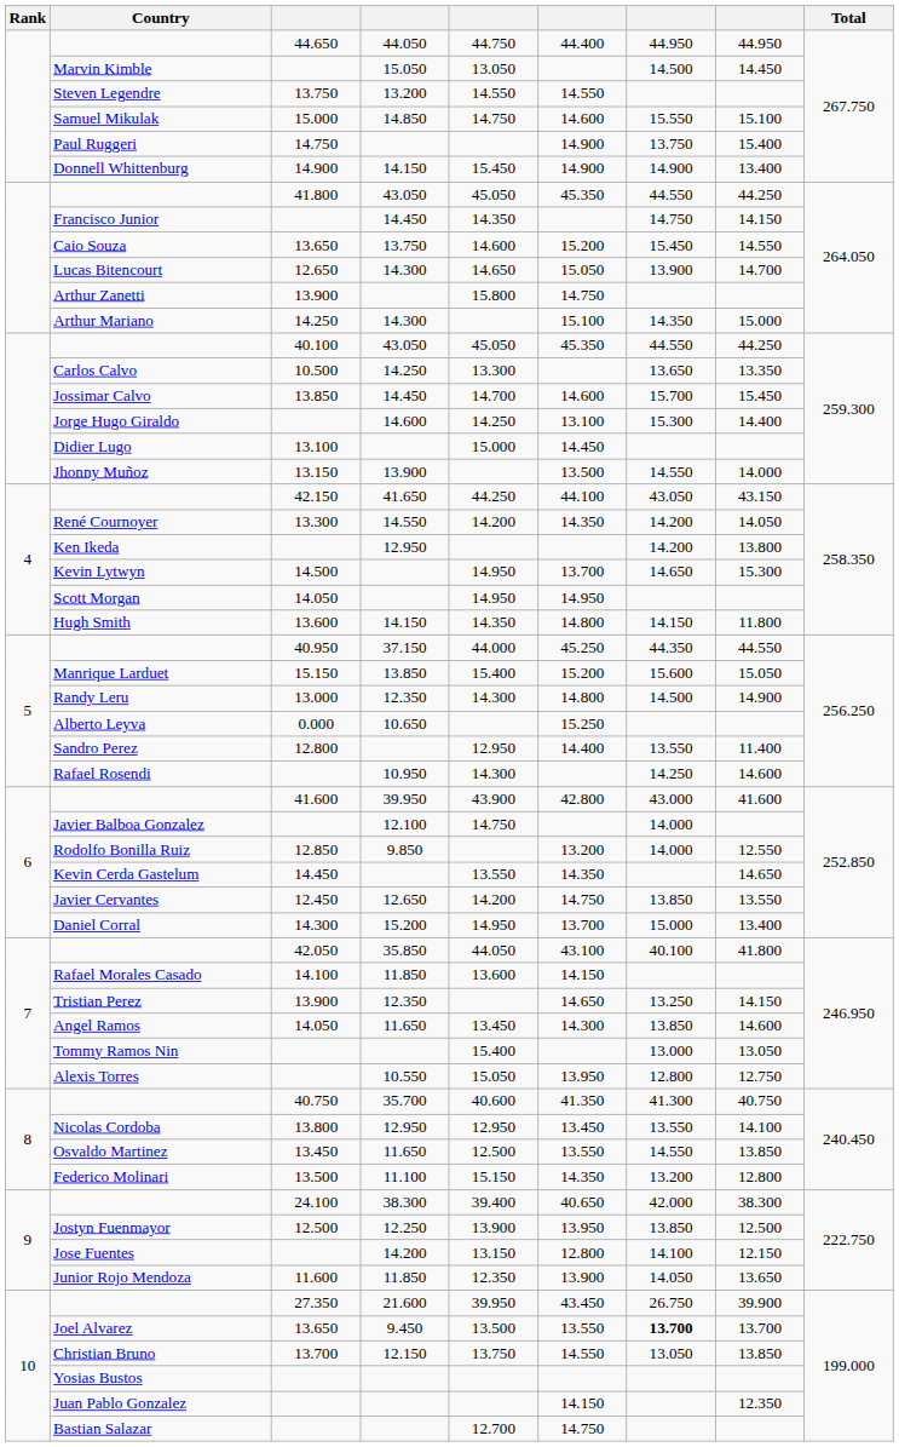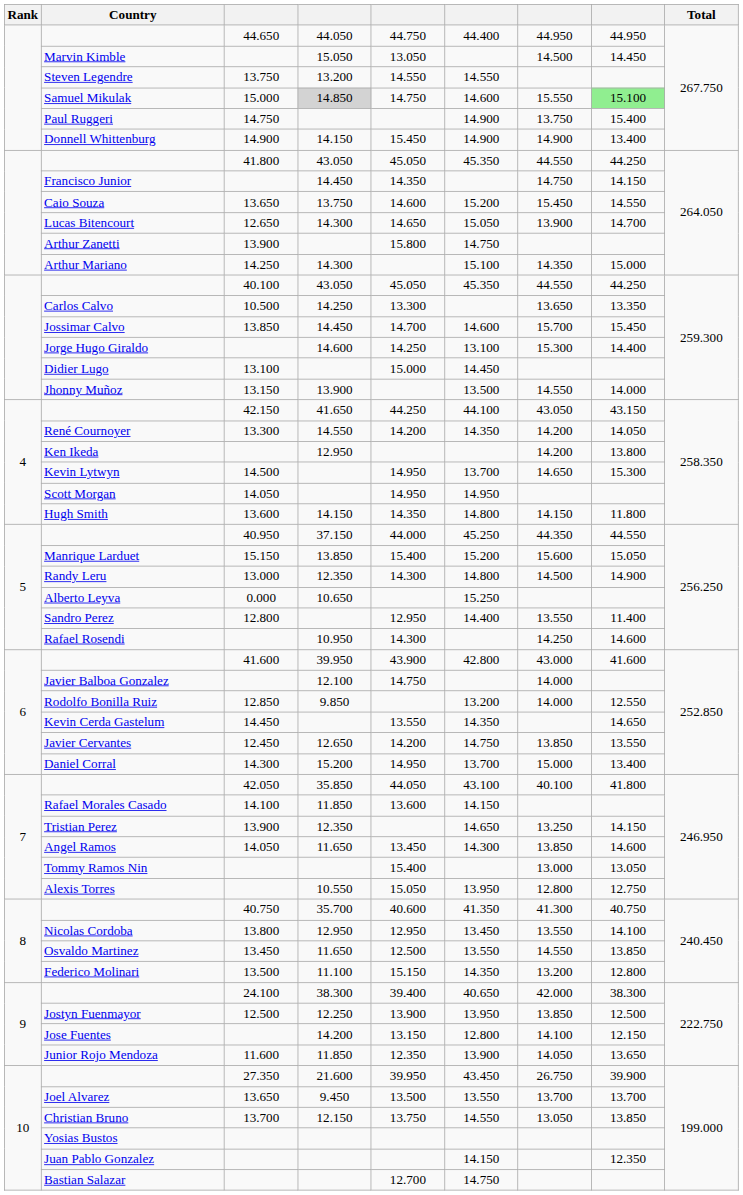 <table class="wikitable">
 <tr>
 <th width="5%">Rank</th>
 <th width="25%">Country</th>
 <th width="10%"></th>
 <th width="10%"></th>
 <th width="10%"></th>
 <th width="10%"></th>
 <th width="10%"></th>
 <th width="10%"></th>
 <th width="10%">Total</th>
 </tr>
 <tr>
 <td rowspan=6 align="center"></td>
 <td></td>
 <td align="center">44.650</td>
 <td align="center">44.050</td>
 <td align="center">44.750</td>
 <td align="center">44.400</td>
 <td align="center">44.950</td>
 <td align="center">44.950</td>
 <td align="center" rowspan=6>267.750</td>
 </tr>
 <tr>
 <td><a href='#'>Marvin Kimble</a></td>
 <td align="center"></td>
 <td align="center">15.050</td>
 <td align="center">13.050</td>
 <td align="center"></td>
 <td align="center">14.500</td>
 <td align="center">14.450</td>
 </tr>
 <tr>
 <td><a href='#'>Steven Legendre</a></td>
 <td align="center">13.750</td>
 <td align="center">13.200</td>
 <td align="center">14.550</td>
 <td align="center">14.550</td>
 <td align="center"></td>
 <td align="center"></td>
 </tr>
 <tr>
 <td><a href='#'>Samuel Mikulak</a></td>
 <td align="center">15.000</td>
-<td align="center">14.850</td>
+<td align="center" style="background: lightgrey;">14.850</td>
 <td align="center">14.750</td>
 <td align="center">14.600</td>
 <td align="center">15.550</td>
-<td align="center">15.100</td>
+<td align="center" style="background: lightgreen;">15.100</td>
 </tr>
 <tr>
 <td><a href='#'>Paul Ruggeri</a></td>
 <td align="center">14.750</td>
 <td align="center"></td>
 <td align="center"></td>
 <td align="center">14.900</td>
 <td align="center">13.750</td>
 <td align="center">15.400</td>
 </tr>
 <tr>
 <td><a href='#'>Donnell Whittenburg</a></td>
 <td align="center">14.900</td>
 <td align="center">14.150</td>
 <td align="center">15.450</td>
 <td align="center">14.900</td>
 <td align="center">14.900</td>
 <td align="center">13.400</td>
 </tr>
 <tr>
 <td rowspan=6 align="center"></td>
 <td></td>
 <td align="center">41.800</td>
 <td align="center">43.050</td>
 <td align="center">45.050</td>
 <td align="center">45.350</td>
 <td align="center">44.550</td>
 <td align="center">44.250</td>
 <td align="center" rowspan=6>264.050</td>
 </tr>
 <tr>
 <td><a href='#'>Francisco Junior</a></td>
 <td align="center"></td>
 <td align="center">14.450</td>
 <td align="center">14.350</td>
 <td align="center"></td>
 <td align="center">14.750</td>
 <td align="center">14.150</td>
 </tr>
 <tr>
 <td><a href='#'>Caio Souza</a></td>
 <td align="center">13.650</td>
 <td align="center">13.750</td>
 <td align="center">14.600</td>
 <td align="center">15.200</td>
 <td align="center">15.450</td>
 <td align="center">14.550</td>
 </tr>
 <tr>
 <td><a href='#'>Lucas Bitencourt</a></td>
 <td align="center">12.650</td>
 <td align="center">14.300</td>
 <td align="center">14.650</td>
 <td align="center">15.050</td>
 <td align="center">13.900</td>
 <td align="center">14.700</td>
 </tr>
 <tr>
 <td><a href='#'>Arthur Zanetti</a></td>
 <td align="center">13.900</td>
 <td align="center"></td>
 <td align="center">15.800</td>
 <td align="center">14.750</td>
 <td align="center"></td>
 <td align="center"></td>
 </tr>
 <tr>
 <td><a href='#'>Arthur Mariano</a></td>
 <td align="center">14.250</td>
 <td align="center">14.300</td>
 <td align="center"></td>
 <td align="center">15.100</td>
 <td align="center">14.350</td>
 <td align="center">15.000</td>
 </tr>
 <tr>
 <td rowspan=6 align="center"></td>
 <td></td>
 <td align="center">40.100</td>
 <td align="center">43.050</td>
 <td align="center">45.050</td>
 <td align="center">45.350</td>
 <td align="center">44.550</td>
 <td align="center">44.250</td>
 <td align="center" rowspan=6>259.300</td>
 </tr>
 <tr>
 <td><a href='#'>Carlos Calvo</a></td>
 <td align="center">10.500</td>
 <td align="center">14.250</td>
 <td align="center">13.300</td>
 <td align="center"></td>
 <td align="center">13.650</td>
 <td align="center">13.350</td>
 </tr>
 <tr>
 <td><a href='#'>Jossimar Calvo</a></td>
 <td align="center">13.850</td>
 <td align="center">14.450</td>
 <td align="center">14.700</td>
 <td align="center">14.600</td>
 <td align="center">15.700</td>
 <td align="center">15.450</td>
 </tr>
 <tr>
 <td><a href='#'>Jorge Hugo Giraldo</a></td>
 <td align="center"></td>
 <td align="center">14.600</td>
 <td align="center">14.250</td>
 <td align="center">13.100</td>
 <td align="center">15.300</td>
 <td align="center">14.400</td>
 </tr>
 <tr>
 <td><a href='#'>Didier Lugo</a></td>
 <td align="center">13.100</td>
 <td align="center"></td>
 <td align="center">15.000</td>
 <td align="center">14.450</td>
 <td align="center"></td>
 <td align="center"></td>
 </tr>
 <tr>
 <td><a href='#'>Jhonny Muñoz</a></td>
 <td align="center">13.150</td>
 <td align="center">13.900</td>
 <td align="center"></td>
 <td align="center">13.500</td>
 <td align="center">14.550</td>
 <td align="center">14.000</td>
 </tr>
 <tr>
 <td rowspan=6 align="center">4</td>
 <td></td>
 <td align="center">42.150</td>
 <td align="center">41.650</td>
 <td align="center">44.250</td>
 <td align="center">44.100</td>
 <td align="center">43.050</td>
 <td align="center">43.150</td>
 <td align="center" rowspan=6>258.350</td>
 </tr>
 <tr>
 <td><a href='#'>René Cournoyer</a></td>
 <td align="center">13.300</td>
 <td align="center">14.550</td>
 <td align="center">14.200</td>
 <td align="center">14.350</td>
 <td align="center">14.200</td>
 <td align="center">14.050</td>
 </tr>
 <tr>
 <td><a href='#'>Ken Ikeda</a></td>
 <td align="center"></td>
 <td align="center">12.950</td>
 <td align="center"></td>
 <td align="center"></td>
 <td align="center">14.200</td>
 <td align="center">13.800</td>
 </tr>
 <tr>
 <td><a href='#'>Kevin Lytwyn</a></td>
 <td align="center">14.500</td>
 <td align="center"></td>
 <td align="center">14.950</td>
 <td align="center">13.700</td>
 <td align="center">14.650</td>
 <td align="center">15.300</td>
 </tr>
 <tr>
 <td><a href='#'>Scott Morgan</a></td>
 <td align="center">14.050</td>
 <td align="center"></td>
 <td align="center">14.950</td>
 <td align="center">14.950</td>
 <td align="center"></td>
 <td align="center"></td>
 </tr>
 <tr>
 <td><a href='#'>Hugh Smith</a></td>
 <td align="center">13.600</td>
 <td align="center">14.150</td>
 <td align="center">14.350</td>
 <td align="center">14.800</td>
 <td align="center">14.150</td>
 <td align="center">11.800</td>
 </tr>
 <tr>
 <td rowspan=6 align="center">5</td>
 <td></td>
 <td align="center">40.950</td>
 <td align="center">37.150</td>
 <td align="center">44.000</td>
 <td align="center">45.250</td>
 <td align="center">44.350</td>
 <td align="center">44.550</td>
 <td align="center" rowspan=6>256.250</td>
 </tr>
 <tr>
 <td><a href='#'>Manrique Larduet</a></td>
 <td align="center">15.150</td>
 <td align="center">13.850</td>
 <td align="center">15.400</td>
 <td align="center">15.200</td>
 <td align="center">15.600</td>
 <td align="center">15.050</td>
 </tr>
 <tr>
 <td><a href='#'>Randy Leru</a></td>
 <td align="center">13.000</td>
 <td align="center">12.350</td>
 <td align="center">14.300</td>
 <td align="center">14.800</td>
 <td align="center">14.500</td>
 <td align="center">14.900</td>
 </tr>
 <tr>
 <td><a href='#'>Alberto Leyva</a></td>
 <td align="center">0.000</td>
 <td align="center">10.650</td>
 <td align="center"></td>
 <td align="center">15.250</td>
 <td align="center"></td>
 <td align="center"></td>
 </tr>
 <tr>
 <td><a href='#'>Sandro Perez</a></td>
 <td align="center">12.800</td>
 <td align="center"></td>
 <td align="center">12.950</td>
 <td align="center">14.400</td>
 <td align="center">13.550</td>
 <td align="center">11.400</td>
 </tr>
 <tr>
 <td><a href='#'>Rafael Rosendi</a></td>
 <td align="center"></td>
 <td align="center">10.950</td>
 <td align="center">14.300</td>
 <td align="center"></td>
 <td align="center">14.250</td>
 <td align="center">14.600</td>
 </tr>
 <tr>
 <td rowspan=6 align="center">6</td>
 <td></td>
 <td align="center">41.600</td>
 <td align="center">39.950</td>
 <td align="center">43.900</td>
 <td align="center">42.800</td>
 <td align="center">43.000</td>
 <td align="center">41.600</td>
 <td align="center" rowspan=6>252.850</td>
 </tr>
 <tr>
 <td><a href='#'>Javier Balboa Gonzalez</a></td>
 <td align="center"></td>
 <td align="center">12.100</td>
 <td align="center">14.750</td>
 <td align="center"></td>
 <td align="center">14.000</td>
 <td align="center"></td>
 </tr>
 <tr>
 <td><a href='#'>Rodolfo Bonilla Ruiz</a></td>
 <td align="center">12.850</td>
 <td align="center">9.850</td>
 <td align="center"></td>
 <td align="center">13.200</td>
 <td align="center">14.000</td>
 <td align="center">12.550</td>
 </tr>
 <tr>
 <td><a href='#'>Kevin Cerda Gastelum</a></td>
 <td align="center">14.450</td>
 <td align="center"></td>
 <td align="center">13.550</td>
 <td align="center">14.350</td>
 <td align="center"></td>
 <td align="center">14.650</td>
 </tr>
 <tr>
 <td><a href='#'>Javier Cervantes</a></td>
 <td align="center">12.450</td>
 <td align="center">12.650</td>
 <td align="center">14.200</td>
 <td align="center">14.750</td>
 <td align="center">13.850</td>
 <td align="center">13.550</td>
 </tr>
 <tr>
 <td><a href='#'>Daniel Corral</a></td>
 <td align="center">14.300</td>
 <td align="center">15.200</td>
 <td align="center">14.950</td>
 <td align="center">13.700</td>
 <td align="center">15.000</td>
 <td align="center">13.400</td>
 </tr>
 <tr>
 <td rowspan=6 align="center">7</td>
 <td></td>
 <td align="center">42.050</td>
 <td align="center">35.850</td>
 <td align="center">44.050</td>
 <td align="center">43.100</td>
 <td align="center">40.100</td>
 <td align="center">41.800</td>
 <td align="center" rowspan=6>246.950</td>
 </tr>
 <tr>
 <td><a href='#'>Rafael Morales Casado</a></td>
 <td align="center">14.100</td>
 <td align="center">11.850</td>
 <td align="center">13.600</td>
 <td align="center">14.150</td>
 <td align="center"></td>
 <td align="center"></td>
 </tr>
 <tr>
 <td><a href='#'>Tristian Perez</a></td>
 <td align="center">13.900</td>
 <td align="center">12.350</td>
 <td align="center"></td>
 <td align="center">14.650</td>
 <td align="center">13.250</td>
 <td align="center">14.150</td>
 </tr>
 <tr>
 <td><a href='#'>Angel Ramos</a></td>
 <td align="center">14.050</td>
 <td align="center">11.650</td>
 <td align="center">13.450</td>
 <td align="center">14.300</td>
 <td align="center">13.850</td>
 <td align="center">14.600</td>
 </tr>
 <tr>
 <td><a href='#'>Tommy Ramos Nin</a></td>
 <td align="center"></td>
 <td align="center"></td>
 <td align="center">15.400</td>
 <td align="center"></td>
 <td align="center">13.000</td>
 <td align="center">13.050</td>
 </tr>
 <tr>
 <td><a href='#'>Alexis Torres</a></td>
 <td align="center"></td>
 <td align="center">10.550</td>
 <td align="center">15.050</td>
 <td align="center">13.950</td>
 <td align="center">12.800</td>
 <td align="center">12.750</td>
 </tr>
 <tr>
 <td rowspan=4 align="center">8</td>
 <td></td>
 <td align="center">40.750</td>
 <td align="center">35.700</td>
 <td align="center">40.600</td>
 <td align="center">41.350</td>
 <td align="center">41.300</td>
 <td align="center">40.750</td>
 <td align="center" rowspan=4>240.450</td>
 </tr>
 <tr>
 <td><a href='#'>Nicolas Cordoba</a></td>
 <td align="center">13.800</td>
 <td align="center">12.950</td>
 <td align="center">12.950</td>
 <td align="center">13.450</td>
 <td align="center">13.550</td>
 <td align="center">14.100</td>
 </tr>
 <tr>
 <td><a href='#'>Osvaldo Martinez</a></td>
 <td align="center">13.450</td>
 <td align="center">11.650</td>
 <td align="center">12.500</td>
 <td align="center">13.550</td>
 <td align="center">14.550</td>
 <td align="center">13.850</td>
 </tr>
 <tr>
 <td><a href='#'>Federico Molinari</a></td>
 <td align="center">13.500</td>
 <td align="center">11.100</td>
 <td align="center">15.150</td>
 <td align="center">14.350</td>
 <td align="center">13.200</td>
 <td align="center">12.800</td>
 </tr>
 <tr>
 <td rowspan=4 align="center">9</td>
 <td></td>
 <td align="center">24.100</td>
 <td align="center">38.300</td>
 <td align="center">39.400</td>
 <td align="center">40.650</td>
 <td align="center">42.000</td>
 <td align="center">38.300</td>
 <td align="center" rowspan=4>222.750</td>
 </tr>
 <tr>
 <td><a href='#'>Jostyn Fuenmayor</a></td>
 <td align="center">12.500</td>
 <td align="center">12.250</td>
 <td align="center">13.900</td>
 <td align="center">13.950</td>
 <td align="center">13.850</td>
 <td align="center">12.500</td>
 </tr>
 <tr>
 <td><a href='#'>Jose Fuentes</a></td>
 <td align="center"></td>
 <td align="center">14.200</td>
 <td align="center">13.150</td>
 <td align="center">12.800</td>
 <td align="center">14.100</td>
 <td align="center">12.150</td>
 </tr>
 <tr>
 <td><a href='#'>Junior Rojo Mendoza</a></td>
 <td align="center">11.600</td>
 <td align="center">11.850</td>
 <td align="center">12.350</td>
 <td align="center">13.900</td>
 <td align="center">14.050</td>
 <td align="center">13.650</td>
 </tr>
 <tr>
 <td rowspan=6 align="center">10</td>
 <td></td>
 <td align="center">27.350</td>
 <td align="center">21.600</td>
 <td align="center">39.950</td>
 <td align="center">43.450</td>
 <td align="center">26.750</td>
 <td align="center">39.900</td>
 <td align="center" rowspan=6>199.000</td>
 </tr>
 <tr>
 <td><a href='#'>Joel Alvarez</a></td>
 <td align="center">13.650</td>
 <td align="center">9.450</td>
 <td align="center">13.500</td>
 <td align="center">13.550</td>
-<td align="center"><strong>13.700</strong></td>
+<td align="center">13.700</td>
 <td align="center">13.700</td>
 </tr>
 <tr>
 <td><a href='#'>Christian Bruno</a></td>
 <td align="center">13.700</td>
 <td align="center">12.150</td>
 <td align="center">13.750</td>
 <td align="center">14.550</td>
 <td align="center">13.050</td>
 <td align="center">13.850</td>
 </tr>
 <tr>
 <td><a href='#'>Yosias Bustos</a></td>
 <td align="center"></td>
 <td align="center"></td>
 <td align="center"></td>
 <td align="center"></td>
 <td align="center"></td>
 <td align="center"></td>
 </tr>
 <tr>
 <td><a href='#'>Juan Pablo Gonzalez</a></td>
 <td align="center"></td>
 <td align="center"></td>
 <td align="center"></td>
 <td align="center">14.150</td>
 <td align="center"></td>
 <td align="center">12.350</td>
 </tr>
 <tr>
 <td><a href='#'>Bastian Salazar</a></td>
 <td align="center"></td>
 <td align="center"></td>
 <td align="center">12.700</td>
 <td align="center">14.750</td>
 <td align="center"></td>
 <td align="center"></td>
 </tr>
 </table>
